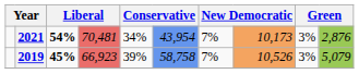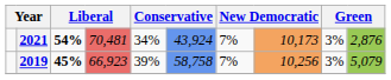 <table class="wikitable" style="width:400; font-size:90%; margin-left:1em;">
 <tr>
 <th colspan="2" scope="col">Year</th>
 <th colspan="2" scope="col"><a href='#'>Liberal</a></th>
 <th colspan="2" scope="col"><a href='#'>Conservative</a></th>
 <th colspan="2" scope="col"><a href='#'>New Democratic</a></th>
 <th colspan="2" scope="col"><a href='#'>Green</a></th>
 </tr>
 <tr>
 <td style="width: 0.25em; background-color: "></td>
 <th><a href='#'>2021</a></th>
 <td><strong>54%</strong></td>
 <td style="text-align:right; background:#EA6D6A;"><em>70,481</em></td>
 <td>34%</td>
-<td style="text-align:right; background:#6495ED;"><em>43,954</em></td>
+<td style="text-align:right; background:#6495ED;"><em>43,924</em></td>
 <td>7%</td>
 <td style="text-align:right; background:#F4A460;"><em>10,173</em></td>
 <td>3%</td>
 <td style="text-align:right; background:#99C955;"><em>2,876</em></td>
 </tr>
 <tr>
 <td style="width: 0.25em; background-color: "></td>
 <th><a href='#'>2019</a></th>
 <td><strong>45%</strong></td>
 <td style="text-align:right; background:#EA6D6A;"><em>66,923</em></td>
 <td>39%</td>
 <td style="text-align:right; background:#6495ED;"><em>58,758</em></td>
 <td>7%</td>
-<td style="text-align:right; background:#F4A460;"><em>10,526</em></td>
+<td style="text-align:right; background:#F4A460;"><em>10,256</em></td>
 <td>3%</td>
 <td style="text-align:right; background:#99C955;"><em>5,079</em></td>
 </tr>
 <tr>
 </tr>
 </table>
